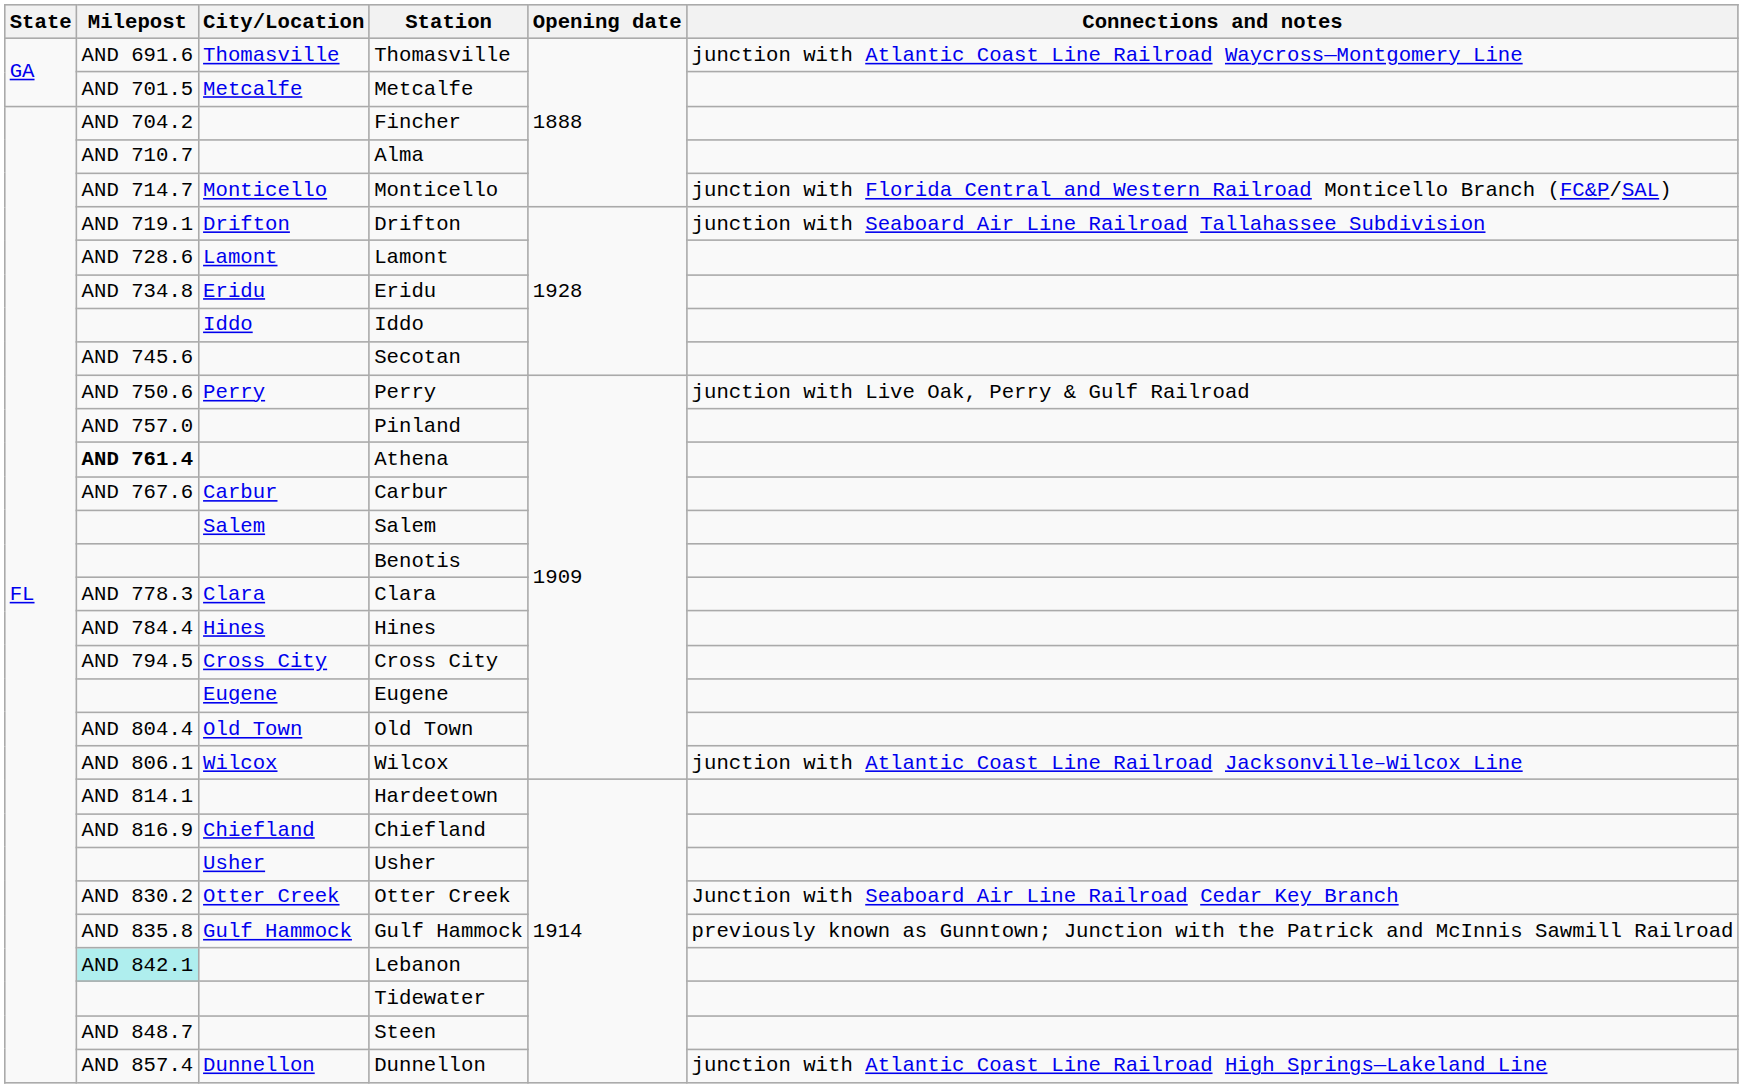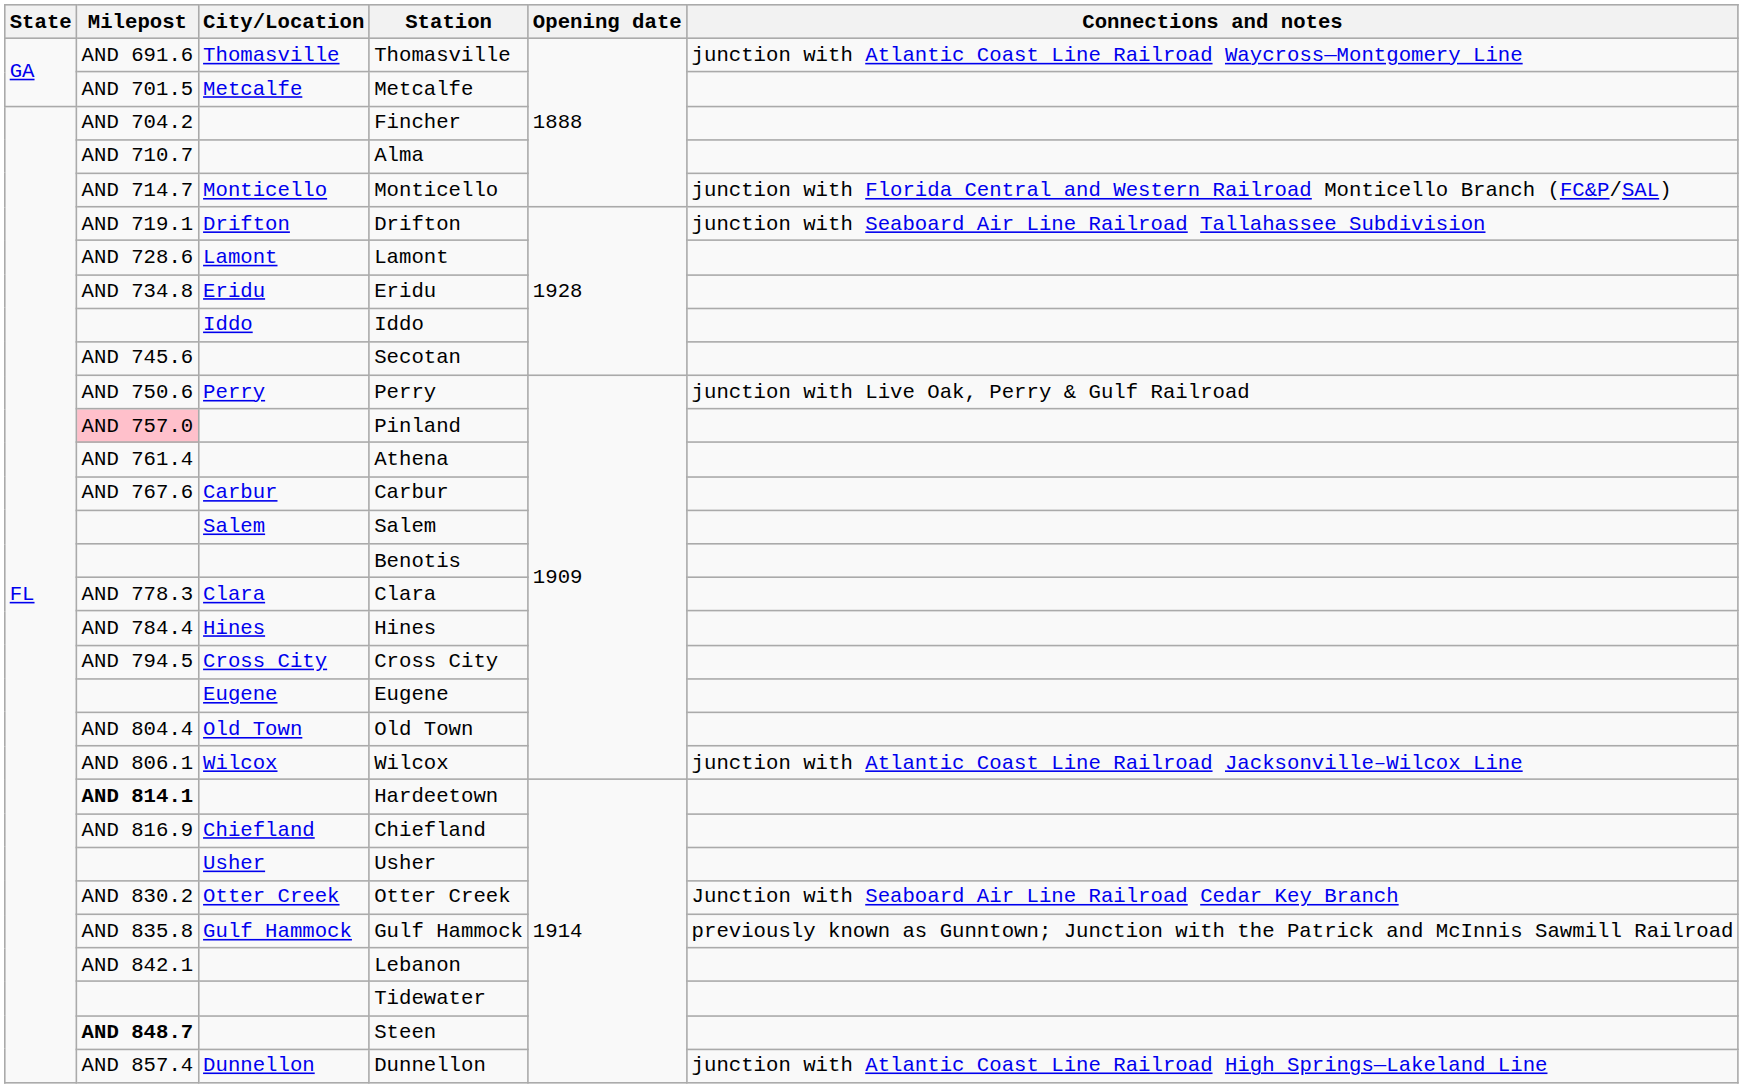 <table class="wikitable">
 <tr>
 <th>State</th>
 <th>Milepost</th>
 <th>City/Location</th>
 <th>Station</th>
 <th>Opening date</th>
 <th>Connections and notes</th>
 </tr>
 <tr>
 <td ! rowspan="2"><a href='#'>GA</a></td>
 <td>AND 691.6</td>
 <td><a href='#'>Thomasville</a></td>
 <td>Thomasville</td>
 <td ! rowspan="5">1888</td>
 <td>junction with <a href='#'>Atlantic Coast Line Railroad</a> <a href='#'>Waycross—Montgomery Line</a></td>
 </tr>
 <tr>
 <td>AND 701.5</td>
 <td><a href='#'>Metcalfe</a></td>
 <td>Metcalfe</td>
 <td></td>
 </tr>
 <tr>
 <td ! rowspan="29"><a href='#'>FL</a></td>
 <td>AND 704.2</td>
 <td></td>
 <td>Fincher</td>
 <td></td>
 </tr>
 <tr>
 <td>AND 710.7</td>
 <td></td>
 <td>Alma</td>
 <td></td>
 </tr>
 <tr>
 <td>AND 714.7</td>
 <td><a href='#'>Monticello</a></td>
 <td>Monticello</td>
 <td>junction with <a href='#'>Florida Central and Western Railroad</a> Monticello Branch (<a href='#'>FC&P</a>/<a href='#'>SAL</a>)</td>
 </tr>
 <tr>
 <td>AND 719.1</td>
 <td><a href='#'>Drifton</a></td>
 <td>Drifton</td>
 <td ! rowspan="5">1928</td>
 <td>junction with <a href='#'>Seaboard Air Line Railroad</a> <a href='#'>Tallahassee Subdivision</a></td>
 </tr>
 <tr>
 <td>AND 728.6</td>
 <td><a href='#'>Lamont</a></td>
 <td>Lamont</td>
 <td></td>
 </tr>
 <tr>
 <td>AND 734.8</td>
 <td><a href='#'>Eridu</a></td>
 <td>Eridu</td>
 <td></td>
 </tr>
 <tr>
 <td></td>
 <td><a href='#'>Iddo</a></td>
 <td>Iddo</td>
 <td></td>
 </tr>
 <tr>
 <td>AND 745.6</td>
 <td></td>
 <td>Secotan</td>
 <td></td>
 </tr>
 <tr>
 <td>AND 750.6</td>
 <td><a href='#'>Perry</a></td>
 <td>Perry</td>
 <td ! rowspan="12">1909</td>
 <td>junction with Live Oak, Perry & Gulf Railroad</td>
 </tr>
 <tr>
-<td>AND 757.0</td>
+<td style="background: pink;">AND 757.0</td>
 <td></td>
 <td>Pinland</td>
 <td></td>
 </tr>
 <tr>
-<td><strong>AND 761.4</strong></td>
+<td>AND 761.4</td>
 <td></td>
 <td>Athena</td>
 <td></td>
 </tr>
 <tr>
 <td>AND 767.6</td>
 <td><a href='#'>Carbur</a></td>
 <td>Carbur</td>
 <td></td>
 </tr>
 <tr>
 <td></td>
 <td><a href='#'>Salem</a></td>
 <td>Salem</td>
 <td></td>
 </tr>
 <tr>
 <td></td>
 <td></td>
 <td>Benotis</td>
 <td></td>
 </tr>
 <tr>
 <td>AND 778.3</td>
 <td><a href='#'>Clara</a></td>
 <td>Clara</td>
 <td></td>
 </tr>
 <tr>
 <td>AND 784.4</td>
 <td><a href='#'>Hines</a></td>
 <td>Hines</td>
 <td></td>
 </tr>
 <tr>
 <td>AND 794.5</td>
 <td><a href='#'>Cross City</a></td>
 <td>Cross City</td>
 <td></td>
 </tr>
 <tr>
 <td></td>
 <td><a href='#'>Eugene</a></td>
 <td>Eugene</td>
 <td></td>
 </tr>
 <tr>
 <td>AND 804.4</td>
 <td><a href='#'>Old Town</a></td>
 <td>Old Town</td>
 <td></td>
 </tr>
 <tr>
 <td>AND 806.1</td>
 <td><a href='#'>Wilcox</a></td>
 <td>Wilcox</td>
 <td>junction with <a href='#'>Atlantic Coast Line Railroad</a> <a href='#'>Jacksonville–Wilcox Line</a></td>
 </tr>
 <tr>
-<td>AND 814.1</td>
+<td><strong>AND 814.1</strong></td>
 <td></td>
 <td>Hardeetown</td>
 <td ! rowspan="10">1914</td>
 <td></td>
 </tr>
 <tr>
 <td>AND 816.9</td>
 <td><a href='#'>Chiefland</a></td>
 <td>Chiefland</td>
 <td></td>
 </tr>
 <tr>
 <td></td>
 <td><a href='#'>Usher</a></td>
 <td>Usher</td>
 <td></td>
 </tr>
 <tr>
 <td>AND 830.2</td>
 <td><a href='#'>Otter Creek</a></td>
 <td>Otter Creek</td>
 <td>Junction with <a href='#'>Seaboard Air Line Railroad</a> <a href='#'>Cedar Key Branch</a></td>
 </tr>
 <tr>
 <td>AND 835.8</td>
 <td><a href='#'>Gulf Hammock</a></td>
 <td>Gulf Hammock</td>
 <td>previously known as Gunntown; Junction with the Patrick and McInnis Sawmill Railroad</td>
 </tr>
 <tr>
-<td style="background: paleturquoise;">AND 842.1</td>
+<td>AND 842.1</td>
 <td></td>
 <td>Lebanon</td>
 <td></td>
 </tr>
 <tr>
 <td></td>
 <td></td>
 <td>Tidewater</td>
 <td></td>
 </tr>
 <tr>
-<td>AND 848.7</td>
+<td><strong>AND 848.7</strong></td>
 <td></td>
 <td>Steen</td>
 <td></td>
 </tr>
 <tr>
 <td>AND 857.4</td>
 <td><a href='#'>Dunnellon</a></td>
 <td>Dunnellon</td>
 <td>junction with <a href='#'>Atlantic Coast Line Railroad</a> <a href='#'>High Springs—Lakeland Line</a></td>
 </tr>
 </table>
